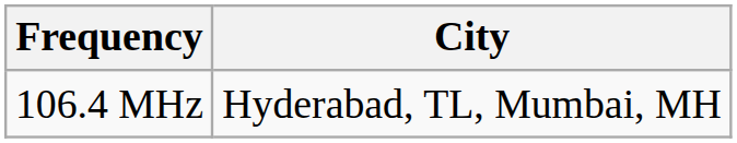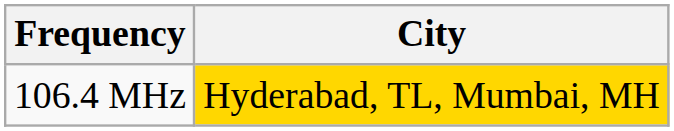 <table class="wikitable">
 <tr>
 <th>Frequency</th>
 <th>City</th>
 </tr>
 <tr>
 <td>106.4 MHz</td>
-<td>Hyderabad, TL, Mumbai, MH</td>
+<td style="background: gold;">Hyderabad, TL, Mumbai, MH</td>
 </tr>
 </table>
